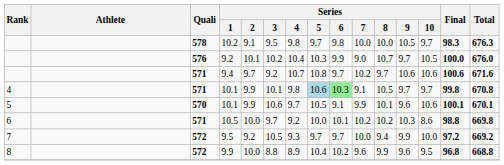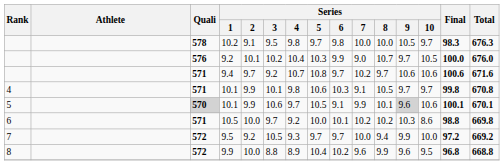 <table class="wikitable" style="font-size:95%" style="width:35em;" style="text-align:center">
 <tr>
 <th rowspan=2>Rank</th>
 <th rowspan=2 width=250>Athlete</th>
 <th rowspan=2 width=40>Quali</th>
 <th colspan=10 width=350>Series</th>
 <th rowspan=2 width=40>Final</th>
 <th rowspan=2 width=40>Total</th>
 </tr>
 <tr>
 <th>1</th>
 <th>2</th>
 <th>3</th>
 <th>4</th>
 <th>5</th>
 <th>6</th>
 <th>7</th>
 <th>8</th>
 <th>9</th>
 <th>10</th>
 </tr>
 <tr>
 <td></td>
 <td align=left></td>
 <td><strong>578</strong></td>
 <td>10.2</td>
 <td>9.1</td>
 <td>9.5</td>
 <td>9.8</td>
 <td>9.7</td>
 <td>9.8</td>
 <td>10.0</td>
 <td>10.0</td>
 <td>10.5</td>
 <td>9.7</td>
 <td><strong>98.3</strong></td>
 <td><strong>676.3</strong></td>
 </tr>
 <tr>
 <td></td>
 <td align=left></td>
 <td><strong>576</strong></td>
 <td>9.2</td>
 <td>10.1</td>
 <td>10.2</td>
 <td>10.4</td>
 <td>10.3</td>
 <td>9.9</td>
 <td>9.0</td>
 <td>10.7</td>
 <td>9.7</td>
 <td>10.5</td>
 <td><strong>100.0</strong></td>
 <td><strong>676.0</strong></td>
 </tr>
 <tr>
 <td></td>
 <td align=left></td>
 <td><strong>571</strong></td>
 <td>9.4</td>
 <td>9.7</td>
 <td>9.2</td>
 <td>10.7</td>
 <td>10.8</td>
 <td>9.7</td>
 <td>10.2</td>
 <td>9.7</td>
 <td>10.6</td>
 <td>10.6</td>
 <td><strong>100.6</strong></td>
 <td><strong>671.6</strong></td>
 </tr>
 <tr>
 <td>4</td>
 <td align=left></td>
 <td><strong>571</strong></td>
 <td>10.1</td>
 <td>9.9</td>
 <td>10.1</td>
 <td>9.8</td>
-<td style="background: lightblue;">10.6</td>
-<td style="background: lightgreen;">10.3</td>
+<td>10.6</td>
+<td>10.3</td>
 <td>9.1</td>
 <td>10.5</td>
 <td>9.7</td>
 <td>9.7</td>
 <td><strong>99.8</strong></td>
 <td><strong>670.8</strong></td>
 </tr>
 <tr>
 <td>5</td>
 <td align=left></td>
-<td><strong>570</strong></td>
+<td style="background: lightgrey;"><strong>570</strong></td>
 <td>10.1</td>
 <td>9.9</td>
 <td>10.6</td>
 <td>9.7</td>
 <td>10.5</td>
 <td>9.1</td>
 <td>9.9</td>
 <td>10.1</td>
-<td>9.6</td>
+<td style="background: lightgrey;">9.6</td>
 <td>10.6</td>
 <td><strong>100.1</strong></td>
 <td><strong>670.1</strong></td>
 </tr>
 <tr>
 <td>6</td>
 <td align=left></td>
 <td><strong>571</strong></td>
 <td>10.5</td>
 <td>10.0</td>
 <td>9.7</td>
 <td>9.2</td>
 <td>10.0</td>
 <td>10.1</td>
 <td>10.2</td>
 <td>10.2</td>
 <td>10.3</td>
 <td>8.6</td>
 <td><strong>98.8</strong></td>
 <td><strong>669.8</strong></td>
 </tr>
 <tr>
 <td>7</td>
 <td align=left></td>
 <td><strong>572</strong></td>
 <td>9.5</td>
 <td>9.2</td>
 <td>10.5</td>
 <td>9.3</td>
 <td>9.7</td>
 <td>9.7</td>
 <td>10.0</td>
 <td>9.4</td>
 <td>9.9</td>
 <td>10.0</td>
 <td><strong>97.2</strong></td>
 <td><strong>669.2</strong></td>
 </tr>
 <tr>
 <td>8</td>
 <td align=left></td>
 <td><strong>572</strong></td>
 <td>9.9</td>
 <td>10.0</td>
 <td>8.8</td>
 <td>8.9</td>
 <td>10.4</td>
 <td>10.2</td>
 <td>9.6</td>
 <td>9.9</td>
 <td>9.6</td>
 <td>9.5</td>
 <td><strong>96.8</strong></td>
 <td><strong>668.8</strong></td>
 </tr>
 <tr>
 </tr>
 </table>
